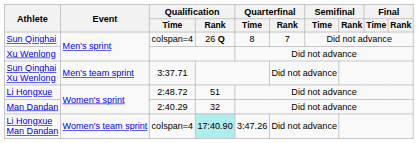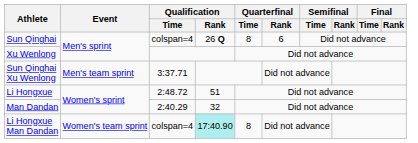 <table class="wikitable" style="font-size:90%">
 <tr>
 <th rowspan="2">Athlete</th>
 <th rowspan="2">Event</th>
 <th colspan="2">Qualification</th>
 <th colspan="2">Quarterfinal</th>
 <th colspan="2">Semifinal</th>
 <th colspan="2">Final</th>
 </tr>
 <tr style="font-size:95%">
 <th>Time</th>
 <th>Rank</th>
 <th>Time</th>
 <th>Rank</th>
 <th>Time</th>
 <th>Rank</th>
 <th>Time</th>
 <th>Rank</th>
 </tr>
 <tr align=center>
 <td align=left><a href='#'>Sun Qinghai</a></td>
 <td align=left rowspan=2><a href='#'>Men's sprint</a></td>
 <td>colspan=4 </td>
 <td>26 <strong>Q</strong></td>
 <td>8</td>
-<td>7</td>
+<td>6</td>
 <td colspan=4>Did not advance</td>
 </tr>
 <tr align=center>
 <td align=left><a href='#'>Xu Wenlong</a></td>
 <td colspan=2></td>
 <td colspan=6>Did not advance</td>
 </tr>
 <tr align=center>
 <td align=left><a href='#'>Sun Qinghai</a><br><a href='#'>Xu Wenlong</a></td>
 <td align=left><a href='#'>Men's team sprint</a></td>
 <td>3:37.71</td>
 <td colspan=2></td>
 <td colspan=2>Did not advance</td>
 </tr>
 <tr align=center>
 <td align=left><a href='#'>Li Hongxue</a></td>
 <td align=left rowspan=2><a href='#'>Women's sprint</a></td>
 <td>2:48.72</td>
 <td>51</td>
 <td colspan=6>Did not advance</td>
 </tr>
 <tr align=center>
 <td align=left><a href='#'>Man Dandan</a></td>
 <td>2:40.29</td>
 <td>32</td>
 <td colspan=6>Did not advance</td>
 </tr>
 <tr align=center>
 <td align=left><a href='#'>Li Hongxue</a><br><a href='#'>Man Dandan</a></td>
 <td align=left><a href='#'>Women's team sprint</a></td>
 <td>colspan=4 </td>
 <td style="background: paleturquoise;">17:40.90</td>
-<td>3:47.26</td>
+<td>8</td>
 <td colspan=2>Did not advance</td>
 </tr>
 </table>
